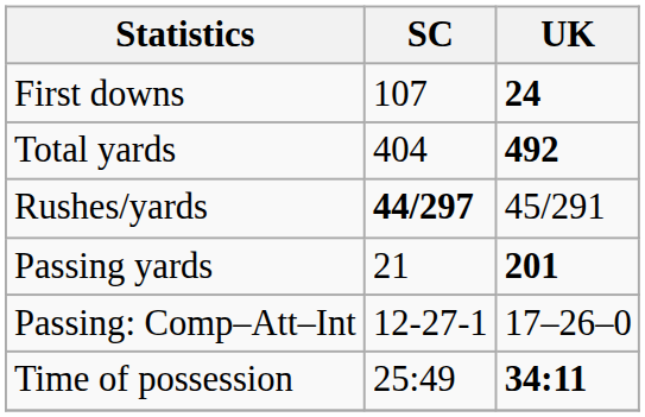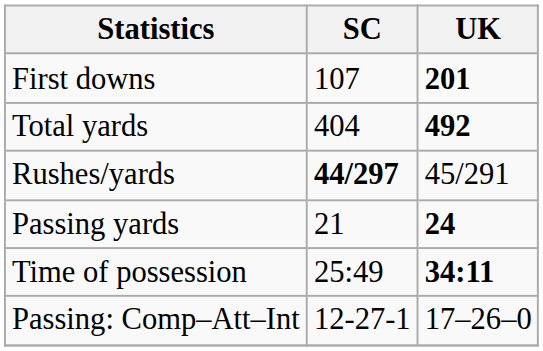 <table class="wikitable" style="float: left;">
 <tr>
 <th>Statistics</th>
 <th>SC</th>
 <th>UK</th>
 </tr>
 <tr>
 <td>First downs</td>
 <td>107</td>
-<td><strong>24</strong></td>
+<td><strong>201</strong></td>
 </tr>
 <tr>
 <td>Total yards</td>
 <td>404</td>
 <td><strong>492</strong></td>
 </tr>
 <tr>
 <td>Rushes/yards</td>
 <td><strong>44/297</strong></td>
 <td>45/291</td>
 </tr>
 <tr>
 <td>Passing yards</td>
 <td>21</td>
-<td><strong>201</strong></td>
+<td><strong>24</strong></td>
+</tr>
+<tr>
+<td>Time of possession</td>
+<td>25:49</td>
+<td><strong>34:11</strong></td>
 </tr>
 <tr>
 <td>Passing: Comp–Att–Int</td>
 <td>12-27-1</td>
 <td>17–26–0</td>
 </tr>
 <tr>
-<td>Time of possession</td>
-<td>25:49</td>
-<td><strong>34:11</strong></td>
-</tr>
-<tr>
 </tr>
 </table>
